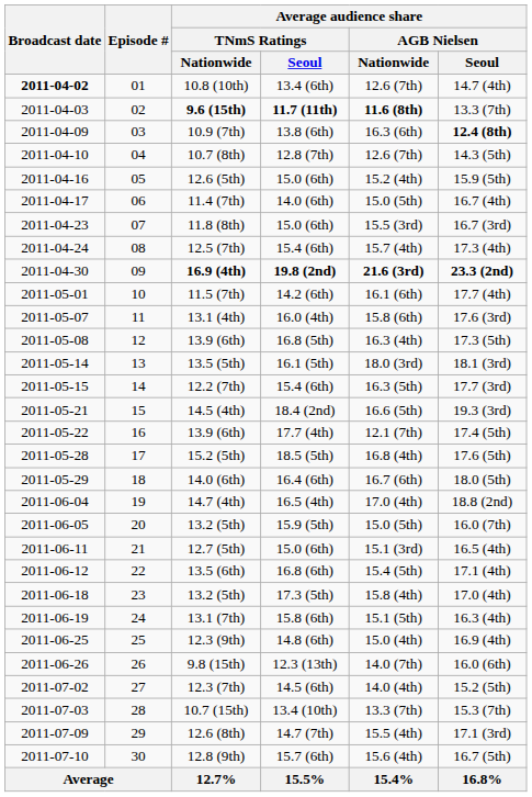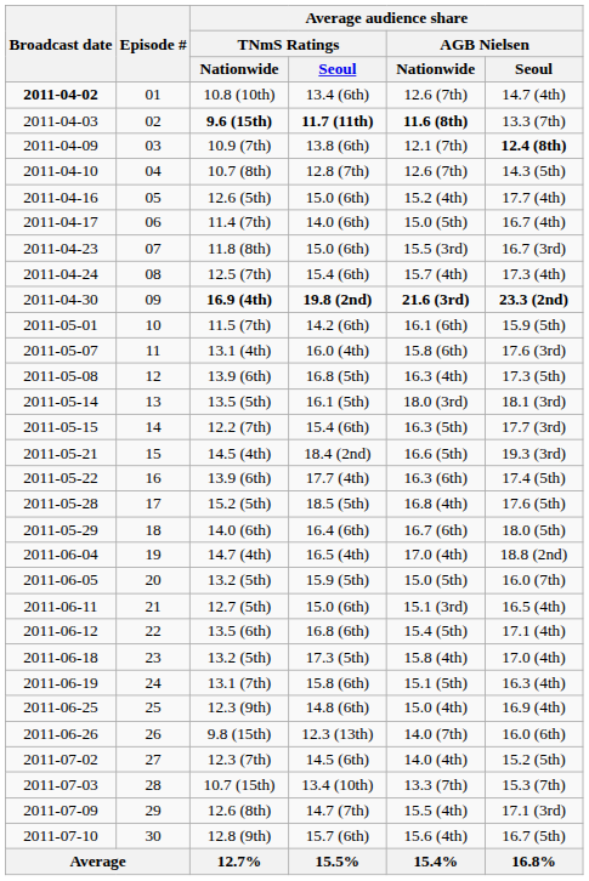 <table class=wikitable style="text-align:center">
 <tr>
 <th rowspan="3">Broadcast date</th>
 <th rowspan="3">Episode #</th>
 <th colspan="4">Average audience share</th>
 </tr>
 <tr>
 <th colspan="2">TNmS Ratings</th>
 <th colspan="2">AGB Nielsen</th>
 </tr>
 <tr>
 <th width=90>Nationwide</th>
 <th width=90><a href='#'>Seoul</a></th>
 <th width=90>Nationwide</th>
 <th width=90>Seoul</th>
 </tr>
 <tr>
 <td><strong>2011-04-02</strong></td>
 <td>01</td>
 <td>10.8 (10th)</td>
 <td>13.4 (6th)</td>
 <td>12.6 (7th)</td>
 <td>14.7 (4th)</td>
 </tr>
 <tr>
 <td>2011-04-03</td>
 <td>02</td>
 <td><span><strong>9.6 (15th)</strong></span></td>
 <td><span><strong>11.7 (11th)</strong></span></td>
 <td><span><strong>11.6 (8th)</strong></span></td>
 <td>13.3 (7th)</td>
 </tr>
 <tr>
 <td>2011-04-09</td>
 <td>03</td>
 <td>10.9 (7th)</td>
 <td>13.8 (6th)</td>
-<td>16.3 (6th)</td>
+<td>12.1 (7th)</td>
 <td><span><strong>12.4 (8th)</strong></span></td>
 </tr>
 <tr>
 <td>2011-04-10</td>
 <td>04</td>
 <td>10.7 (8th)</td>
 <td>12.8 (7th)</td>
 <td>12.6 (7th)</td>
 <td>14.3 (5th)</td>
 </tr>
 <tr>
 <td>2011-04-16</td>
 <td>05</td>
 <td>12.6 (5th)</td>
 <td>15.0 (6th)</td>
 <td>15.2 (4th)</td>
-<td>15.9 (5th)</td>
+<td>17.7 (4th)</td>
 </tr>
 <tr>
 <td>2011-04-17</td>
 <td>06</td>
 <td>11.4 (7th)</td>
 <td>14.0 (6th)</td>
 <td>15.0 (5th)</td>
 <td>16.7 (4th)</td>
 </tr>
 <tr>
 <td>2011-04-23</td>
 <td>07</td>
 <td>11.8 (8th)</td>
 <td>15.0 (6th)</td>
 <td>15.5 (3rd)</td>
 <td>16.7 (3rd)</td>
 </tr>
 <tr>
 <td>2011-04-24</td>
 <td>08</td>
 <td>12.5 (7th)</td>
 <td>15.4 (6th)</td>
 <td>15.7 (4th)</td>
 <td>17.3 (4th)</td>
 </tr>
 <tr>
 <td>2011-04-30</td>
 <td>09</td>
 <td><span><strong>16.9 (4th)</strong></span></td>
 <td><span><strong>19.8 (2nd)</strong></span></td>
 <td><span><strong>21.6 (3rd)</strong></span></td>
 <td><span><strong>23.3 (2nd)</strong></span></td>
 </tr>
 <tr>
 <td>2011-05-01</td>
 <td>10</td>
 <td>11.5 (7th)</td>
 <td>14.2 (6th)</td>
 <td>16.1 (6th)</td>
-<td>17.7 (4th)</td>
+<td>15.9 (5th)</td>
 </tr>
 <tr>
 <td>2011-05-07</td>
 <td>11</td>
 <td>13.1 (4th)</td>
 <td>16.0 (4th)</td>
 <td>15.8 (6th)</td>
 <td>17.6 (3rd)</td>
 </tr>
 <tr>
 <td>2011-05-08</td>
 <td>12</td>
 <td>13.9 (6th)</td>
 <td>16.8 (5th)</td>
 <td>16.3 (4th)</td>
 <td>17.3 (5th)</td>
 </tr>
 <tr>
 <td>2011-05-14</td>
 <td>13</td>
 <td>13.5 (5th)</td>
 <td>16.1 (5th)</td>
 <td>18.0 (3rd)</td>
 <td>18.1 (3rd)</td>
 </tr>
 <tr>
 <td>2011-05-15</td>
 <td>14</td>
 <td>12.2 (7th)</td>
 <td>15.4 (6th)</td>
 <td>16.3 (5th)</td>
 <td>17.7 (3rd)</td>
 </tr>
 <tr>
 <td>2011-05-21</td>
 <td>15</td>
 <td>14.5 (4th)</td>
 <td>18.4 (2nd)</td>
 <td>16.6 (5th)</td>
 <td>19.3 (3rd)</td>
 </tr>
 <tr>
 <td>2011-05-22</td>
 <td>16</td>
 <td>13.9 (6th)</td>
 <td>17.7 (4th)</td>
-<td>12.1 (7th)</td>
+<td>16.3 (6th)</td>
 <td>17.4 (5th)</td>
 </tr>
 <tr>
 <td>2011-05-28</td>
 <td>17</td>
 <td>15.2 (5th)</td>
 <td>18.5 (5th)</td>
 <td>16.8 (4th)</td>
 <td>17.6 (5th)</td>
 </tr>
 <tr>
 <td>2011-05-29</td>
 <td>18</td>
 <td>14.0 (6th)</td>
 <td>16.4 (6th)</td>
 <td>16.7 (6th)</td>
 <td>18.0 (5th)</td>
 </tr>
 <tr>
 <td>2011-06-04</td>
 <td>19</td>
 <td>14.7 (4th)</td>
 <td>16.5 (4th)</td>
 <td>17.0 (4th)</td>
 <td>18.8 (2nd)</td>
 </tr>
 <tr>
 <td>2011-06-05</td>
 <td>20</td>
 <td>13.2 (5th)</td>
 <td>15.9 (5th)</td>
 <td>15.0 (5th)</td>
 <td>16.0 (7th)</td>
 </tr>
 <tr>
 <td>2011-06-11</td>
 <td>21</td>
 <td>12.7 (5th)</td>
 <td>15.0 (6th)</td>
 <td>15.1 (3rd)</td>
 <td>16.5 (4th)</td>
 </tr>
 <tr>
 <td>2011-06-12</td>
 <td>22</td>
 <td>13.5 (6th)</td>
 <td>16.8 (6th)</td>
 <td>15.4 (5th)</td>
 <td>17.1 (4th)</td>
 </tr>
 <tr>
 <td>2011-06-18</td>
 <td>23</td>
 <td>13.2 (5th)</td>
 <td>17.3 (5th)</td>
 <td>15.8 (4th)</td>
 <td>17.0 (4th)</td>
 </tr>
 <tr>
 <td>2011-06-19</td>
 <td>24</td>
 <td>13.1 (7th)</td>
 <td>15.8 (6th)</td>
 <td>15.1 (5th)</td>
 <td>16.3 (4th)</td>
 </tr>
 <tr>
 <td>2011-06-25</td>
 <td>25</td>
 <td>12.3 (9th)</td>
 <td>14.8 (6th)</td>
 <td>15.0 (4th)</td>
 <td>16.9 (4th)</td>
 </tr>
 <tr>
 <td>2011-06-26</td>
 <td>26</td>
 <td>9.8 (15th)</td>
 <td>12.3 (13th)</td>
 <td>14.0 (7th)</td>
 <td>16.0 (6th)</td>
 </tr>
 <tr>
 <td>2011-07-02</td>
 <td>27</td>
 <td>12.3 (7th)</td>
 <td>14.5 (6th)</td>
 <td>14.0 (4th)</td>
 <td>15.2 (5th)</td>
 </tr>
 <tr>
 <td>2011-07-03</td>
 <td>28</td>
 <td>10.7 (15th)</td>
 <td>13.4 (10th)</td>
 <td>13.3 (7th)</td>
 <td>15.3 (7th)</td>
 </tr>
 <tr>
 <td>2011-07-09</td>
 <td>29</td>
 <td>12.6 (8th)</td>
 <td>14.7 (7th)</td>
 <td>15.5 (4th)</td>
 <td>17.1 (3rd)</td>
 </tr>
 <tr>
 <td>2011-07-10</td>
 <td>30</td>
 <td>12.8 (9th)</td>
 <td>15.7 (6th)</td>
 <td>15.6 (4th)</td>
 <td>16.7 (5th)</td>
 </tr>
 <tr>
 <th colspan=2>Average</th>
 <th>12.7%</th>
 <th>15.5%</th>
 <th>15.4%</th>
 <th>16.8%</th>
 </tr>
 </table>
